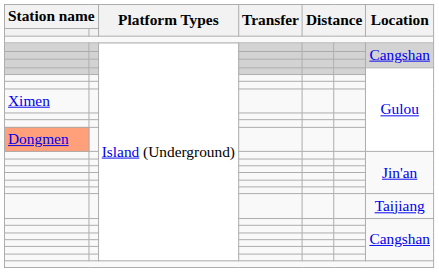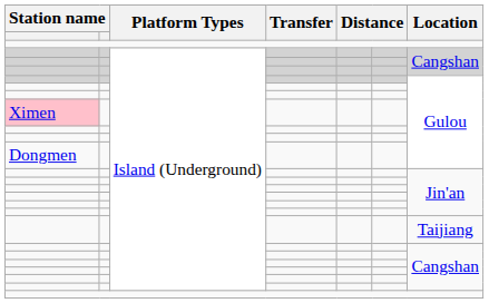 <table class="wikitable">
 <tr>
 <th colspan="2">Station name</th>
 <th rowspan="2">Platform Types</th>
 <th rowspan="2">Transfer</th>
 <th colspan="2" rowspan="2">Distance<br></th>
 <th rowspan="2">Location</th>
 </tr>
 <tr>
 <th></th>
 <th></th>
 </tr>
 <tr style="background:#">
 <td colspan="7"></td>
 </tr>
 <tr bgcolor="lightgrey">
 <td><em></em></td>
 <td></td>
 <td bgcolor="white" rowspan="23"><a href='#'>Island</a> (Underground)</td>
 <td></td>
 <td></td>
 <td></td>
 <td rowspan="3" align=center><a href='#'>Cangshan</a></td>
 </tr>
 <tr bgcolor="lightgrey">
 <td><em></em></td>
 <td></td>
 <td></td>
 <td></td>
 <td></td>
 </tr>
 <tr bgcolor="lightgrey">
 <td><em></em></td>
 <td></td>
 <td></td>
 <td></td>
 <td></td>
 </tr>
 <tr bgcolor="lightgrey">
 <td><em></em></td>
 <td></td>
 <td></td>
 <td></td>
 <td></td>
 <td bgcolor="white" rowspan="7" align=center><a href='#'>Gulou</a></td>
 </tr>
 <tr>
 <td></td>
 <td></td>
 <td></td>
 <td></td>
 <td></td>
 </tr>
 <tr>
 <td></td>
 <td></td>
 <td></td>
 <td></td>
 <td></td>
 </tr>
 <tr>
-<td><a href='#'>Ximen</a></td>
+<td style="background: pink;"><a href='#'>Ximen</a></td>
 <td></td>
 <td></td>
 <td></td>
 <td></td>
 </tr>
 <tr>
 <td></td>
 <td></td>
 <td></td>
 <td></td>
 <td></td>
 </tr>
 <tr>
 <td></td>
 <td></td>
 <td></td>
 <td></td>
 <td></td>
 </tr>
 <tr>
-<td style="background: lightsalmon;"><a href='#'>Dongmen</a></td>
+<td><a href='#'>Dongmen</a></td>
 <td></td>
 <td></td>
 <td></td>
 <td></td>
 </tr>
 <tr>
 <td></td>
 <td></td>
 <td></td>
 <td></td>
 <td></td>
 <td rowspan="6" align=center><a href='#'>Jin'an</a></td>
 </tr>
 <tr>
 <td></td>
 <td></td>
 <td></td>
 <td></td>
 <td></td>
 </tr>
 <tr>
 <td></td>
 <td></td>
 <td></td>
 <td></td>
 <td></td>
 </tr>
 <tr>
 <td></td>
 <td></td>
 <td></td>
 <td></td>
 <td></td>
 </tr>
 <tr>
 <td></td>
 <td></td>
 <td></td>
 <td></td>
 <td></td>
 </tr>
 <tr>
 <td></td>
 <td></td>
 <td></td>
 <td></td>
 <td></td>
 </tr>
 <tr>
 <td></td>
 <td></td>
 <td></td>
 <td></td>
 <td></td>
 <td align=center><a href='#'>Taijiang</a></td>
 </tr>
 <tr>
 <td></td>
 <td></td>
 <td></td>
 <td></td>
 <td></td>
 <td rowspan="6" align=center><a href='#'>Cangshan</a></td>
 </tr>
 <tr>
 <td></td>
 <td></td>
 <td></td>
 <td></td>
 <td></td>
 </tr>
 <tr>
 <td></td>
 <td></td>
 <td></td>
 <td></td>
 <td></td>
 </tr>
 <tr>
 <td></td>
 <td></td>
 <td></td>
 <td></td>
 <td></td>
 </tr>
 <tr>
 <td></td>
 <td></td>
 <td></td>
 <td></td>
 <td></td>
 </tr>
 <tr>
 <td></td>
 <td></td>
 <td> </td>
 <td></td>
 <td></td>
 </tr>
 <tr style="background:#">
 <td colspan="7"></td>
 </tr>
 </table>
